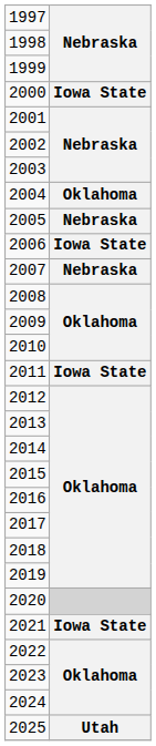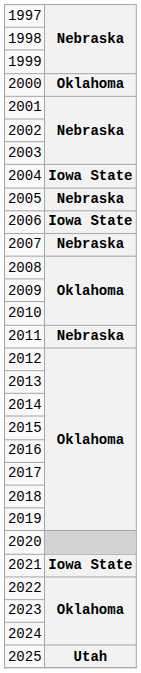 <table class="wikitable" style="text-align: center;">
 <tr>
 <td>1997</td>
 <th rowspan="3">Nebraska</th>
 </tr>
 <tr>
 <td>1998</td>
 </tr>
 <tr>
 <td>1999</td>
 </tr>
 <tr>
 <td>2000</td>
-<th>Iowa State</th>
+<th>Oklahoma</th>
 </tr>
 <tr>
 <td>2001</td>
 <th rowspan="3">Nebraska</th>
 </tr>
 <tr>
 <td>2002</td>
 </tr>
 <tr>
 <td>2003</td>
 </tr>
 <tr>
 <td>2004</td>
-<th>Oklahoma</th>
+<th>Iowa State</th>
 </tr>
 <tr>
 <td>2005</td>
 <th>Nebraska</th>
 </tr>
 <tr>
 <td>2006</td>
 <th>Iowa State</th>
 </tr>
 <tr>
 <td>2007</td>
 <th>Nebraska</th>
 </tr>
 <tr>
 <td>2008</td>
 <th rowspan="3">Oklahoma</th>
 </tr>
 <tr>
 <td>2009</td>
 </tr>
 <tr>
 <td>2010</td>
 </tr>
 <tr>
 <td>2011</td>
-<th>Iowa State</th>
+<th>Nebraska</th>
 </tr>
 <tr>
 <td>2012</td>
 <th rowspan="8">Oklahoma</th>
 </tr>
 <tr>
 <td>2013</td>
 </tr>
 <tr>
 <td>2014</td>
 </tr>
 <tr>
 <td>2015</td>
 </tr>
 <tr>
 <td>2016</td>
 </tr>
 <tr>
 <td>2017</td>
 </tr>
 <tr>
 <td>2018</td>
 </tr>
 <tr>
 <td>2019</td>
 </tr>
 <tr>
 <td>2020</td>
 <td bgcolor="#d3d3d3"></td>
 </tr>
 <tr>
 <td>2021</td>
 <th>Iowa State</th>
 </tr>
 <tr>
 <td>2022</td>
 <th rowspan="3">Oklahoma</th>
 </tr>
 <tr>
 <td>2023</td>
 </tr>
 <tr>
 <td>2024</td>
 </tr>
 <tr>
 <td>2025</td>
 <th>Utah</th>
 </tr>
 <tr>
 </tr>
 </table>
